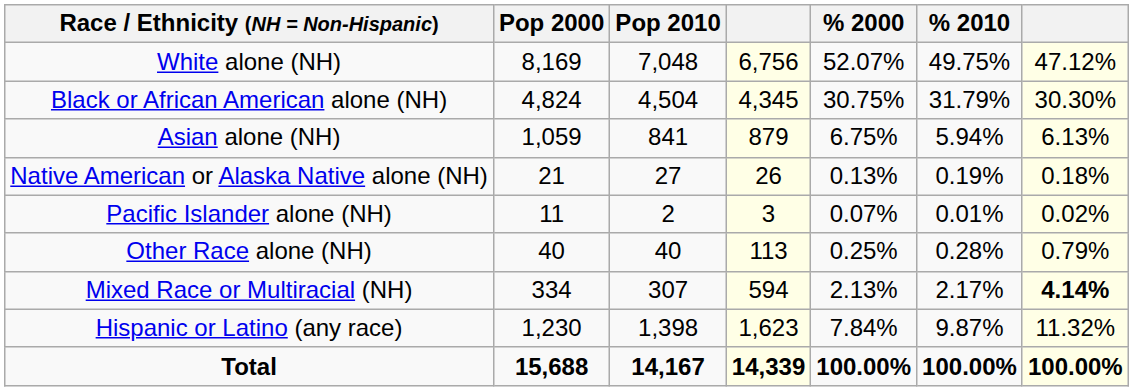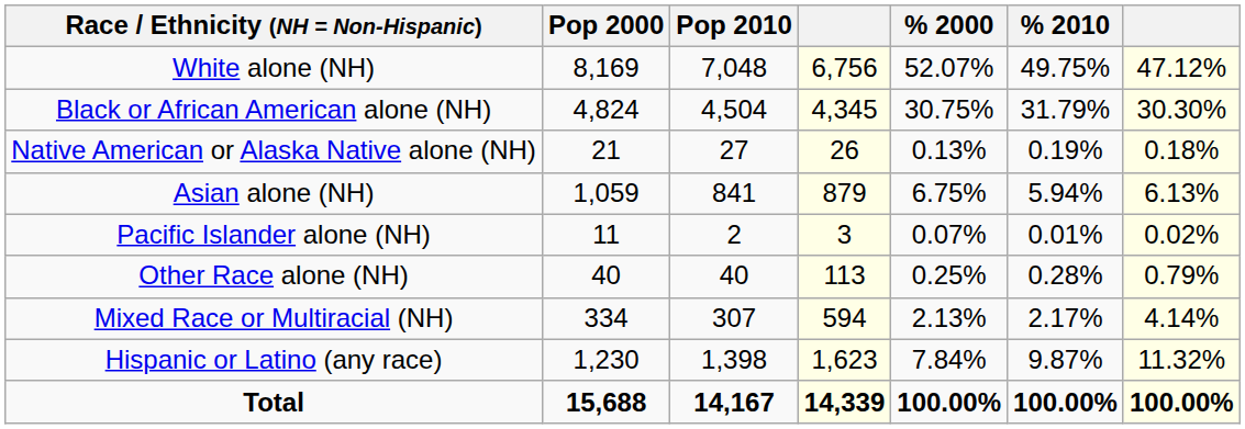 <table class="wikitable" style="text-align:center;">
 <tr>
 <th>Race / Ethnicity <small>(<em>NH = Non-Hispanic</em>)</small></th>
 <th>Pop 2000</th>
 <th>Pop 2010</th>
 <th></th>
 <th>% 2000</th>
 <th>% 2010</th>
 <th></th>
 </tr>
 <tr>
 <td><a href='#'>White</a> alone (NH)</td>
 <td>8,169</td>
 <td>7,048</td>
 <td style='background: #ffffe6;'>6,756</td>
 <td>52.07%</td>
 <td>49.75%</td>
 <td style='background: #ffffe6;'>47.12%</td>
 </tr>
 <tr>
 <td><a href='#'>Black or African American</a> alone (NH)</td>
 <td>4,824</td>
 <td>4,504</td>
 <td style='background: #ffffe6;'>4,345</td>
 <td>30.75%</td>
 <td>31.79%</td>
 <td style='background: #ffffe6;'>30.30%</td>
 </tr>
 <tr>
+<td><a href='#'>Native American</a> or <a href='#'>Alaska Native</a> alone (NH)</td>
+<td>21</td>
+<td>27</td>
+<td style='background: #ffffe6;'>26</td>
+<td>0.13%</td>
+<td>0.19%</td>
+<td style='background: #ffffe6;'>0.18%</td>
+</tr>
+<tr>
 <td><a href='#'>Asian</a> alone (NH)</td>
 <td>1,059</td>
 <td>841</td>
 <td style='background: #ffffe6;'>879</td>
 <td>6.75%</td>
 <td>5.94%</td>
 <td style='background: #ffffe6;'>6.13%</td>
-</tr>
-<tr>
-<td><a href='#'>Native American</a> or <a href='#'>Alaska Native</a> alone (NH)</td>
-<td>21</td>
-<td>27</td>
-<td style='background: #ffffe6;'>26</td>
-<td>0.13%</td>
-<td>0.19%</td>
-<td style='background: #ffffe6;'>0.18%</td>
 </tr>
 <tr>
 <td><a href='#'>Pacific Islander</a> alone (NH)</td>
 <td>11</td>
 <td>2</td>
 <td style='background: #ffffe6;'>3</td>
 <td>0.07%</td>
 <td>0.01%</td>
 <td style='background: #ffffe6;'>0.02%</td>
 </tr>
 <tr>
 <td><a href='#'>Other Race</a> alone (NH)</td>
 <td>40</td>
 <td>40</td>
 <td style='background: #ffffe6;'>113</td>
 <td>0.25%</td>
 <td>0.28%</td>
 <td style='background: #ffffe6;'>0.79%</td>
 </tr>
 <tr>
 <td><a href='#'>Mixed Race or Multiracial</a> (NH)</td>
 <td>334</td>
 <td>307</td>
 <td style='background: #ffffe6;'>594</td>
 <td>2.13%</td>
 <td>2.17%</td>
-<td style='background: #ffffe6;'><strong>4.14%</strong></td>
+<td style='background: #ffffe6;'>4.14%</td>
 </tr>
 <tr>
 <td><a href='#'>Hispanic or Latino</a> (any race)</td>
 <td>1,230</td>
 <td>1,398</td>
 <td style='background: #ffffe6;'>1,623</td>
 <td>7.84%</td>
 <td>9.87%</td>
 <td style='background: #ffffe6;'>11.32%</td>
 </tr>
 <tr>
 <td><strong>Total</strong></td>
 <td><strong>15,688</strong></td>
 <td><strong>14,167</strong></td>
 <td style='background: #ffffe6;'><strong>14,339</strong></td>
 <td><strong>100.00%</strong></td>
 <td><strong>100.00%</strong></td>
 <td style='background: #ffffe6;'><strong>100.00%</strong></td>
 </tr>
 </table>
